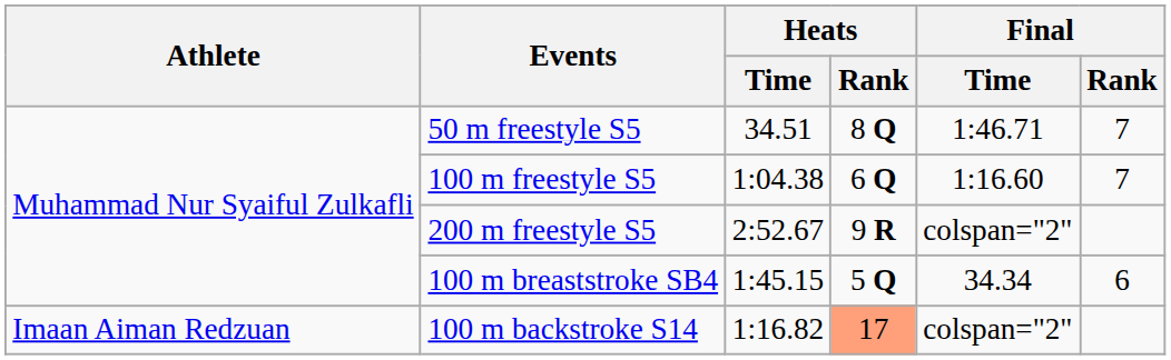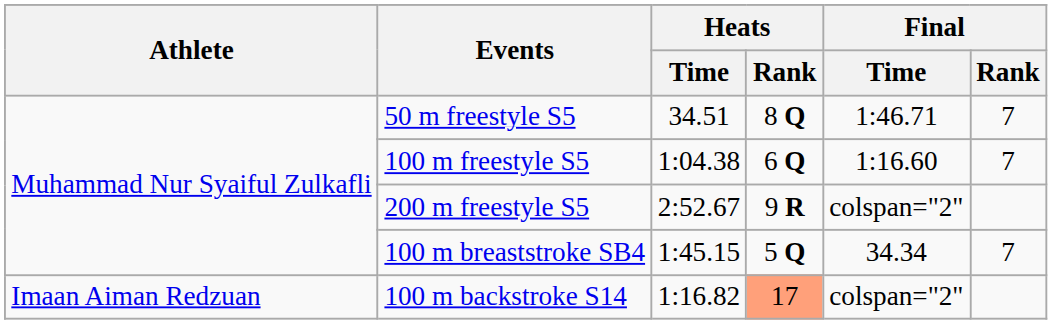 <table class=wikitable style="font-size:90%">
 <tr>
 <th rowspan="2">Athlete</th>
 <th rowspan="2">Events</th>
 <th colspan="2">Heats</th>
 <th colspan="2">Final</th>
 </tr>
 <tr>
 <th>Time</th>
 <th>Rank</th>
 <th>Time</th>
 <th>Rank</th>
 </tr>
 <tr align="center">
 <td align="left" rowspan="4"><a href='#'>Muhammad Nur Syaiful Zulkafli</a></td>
 <td align="left"><a href='#'>50 m freestyle S5</a></td>
 <td>34.51</td>
 <td>8 <strong>Q</strong></td>
 <td>1:46.71</td>
 <td>7</td>
 </tr>
 <tr align="center">
 <td align="left"><a href='#'>100 m freestyle S5</a></td>
 <td>1:04.38</td>
 <td>6 <strong>Q</strong></td>
 <td>1:16.60</td>
 <td>7</td>
 </tr>
 <tr align="center">
 <td align="left"><a href='#'>200 m freestyle S5</a></td>
 <td>2:52.67</td>
 <td>9 <strong>R</strong></td>
 <td>colspan="2" </td>
 </tr>
 <tr align="center">
 <td align="left"><a href='#'>100 m breaststroke SB4</a></td>
 <td>1:45.15</td>
 <td>5 <strong>Q</strong></td>
 <td>34.34</td>
-<td>6</td>
+<td>7</td>
 </tr>
 <tr align="center">
 <td align="left"><a href='#'>Imaan Aiman Redzuan</a></td>
 <td align="left"><a href='#'>100 m backstroke S14</a></td>
 <td>1:16.82</td>
 <td style="background: lightsalmon;">17</td>
 <td>colspan="2" </td>
 </tr>
 </table>
